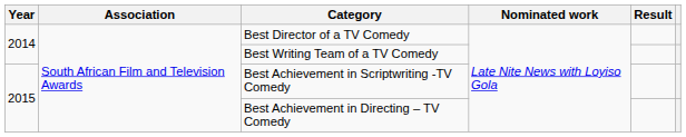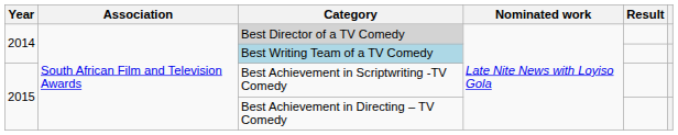 <table class= "wikitable">
 <tr>
 <th>Year</th>
 <th>Association</th>
 <th>Category</th>
 <th>Nominated work</th>
 <th>Result</th>
 <th></th>
 </tr>
 <tr>
 <td rowspan="2">2014</td>
 <td rowspan="4"><a href='#'>South African Film and Television Awards</a></td>
-<td>Best Director of a TV Comedy</td>
+<td style="background: lightgrey;">Best Director of a TV Comedy</td>
 <td rowspan="4"><em><a href='#'>Late Nite News with Loyiso Gola</a></em></td>
 <td></td>
 <th align="center"></th>
 </tr>
 <tr>
-<td>Best Writing Team of a TV Comedy</td>
+<td style="background: lightblue;">Best Writing Team of a TV Comedy</td>
 <td></td>
 <th align="center"></th>
 </tr>
 <tr>
 <td rowspan="2">2015</td>
 <td>Best Achievement in Scriptwriting -TV Comedy</td>
 <td></td>
 <th align="center"></th>
 </tr>
 <tr>
 <td>Best Achievement in Directing – TV Comedy</td>
 <td></td>
 <th align="center"></th>
 </tr>
 </table>
